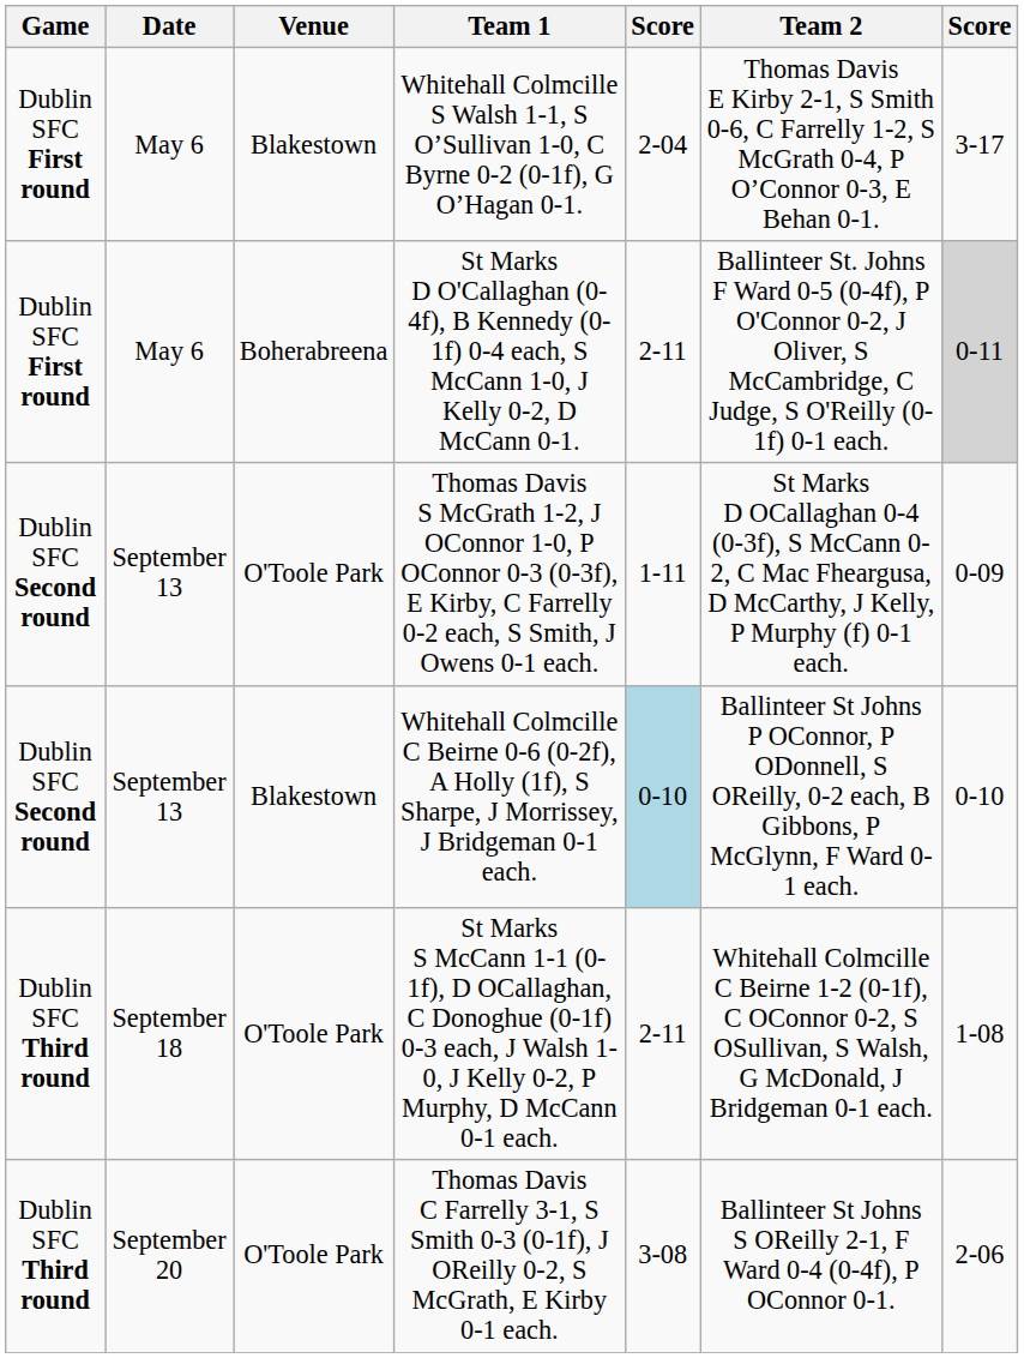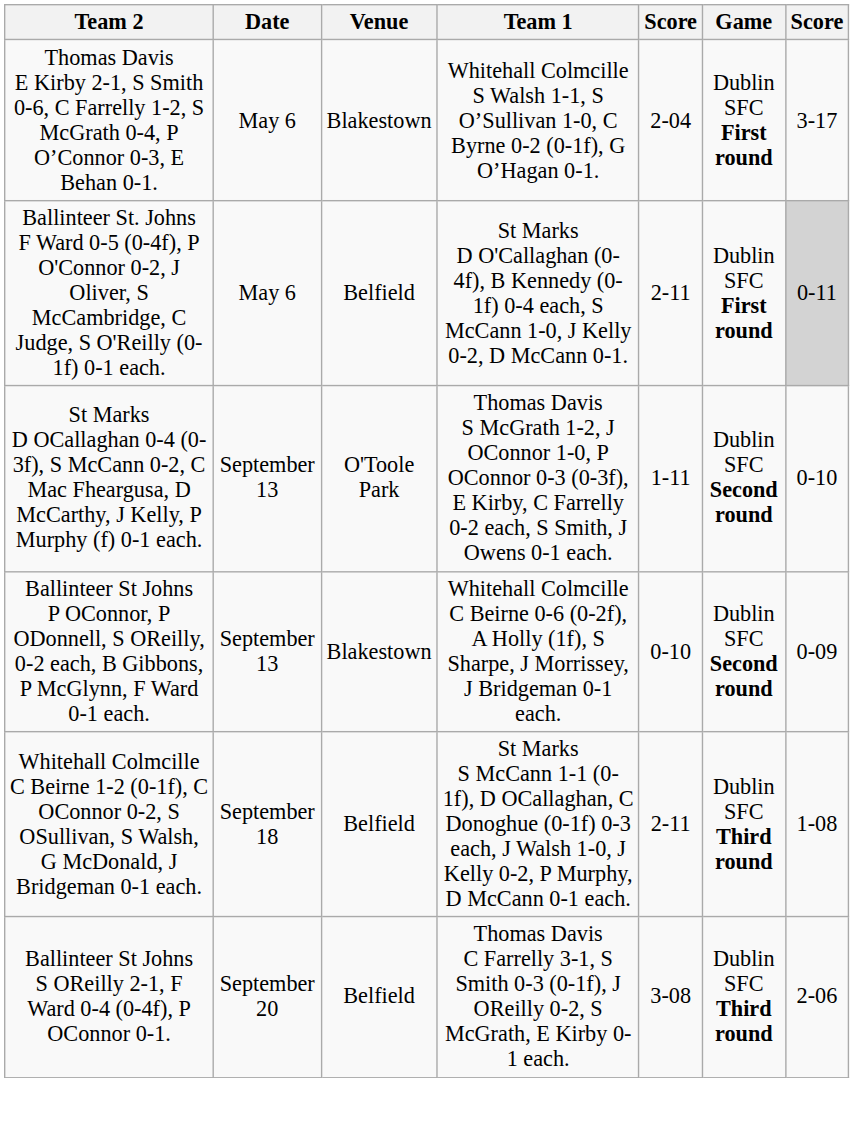 <table class="wikitable">
 <tr>
-<th>Game</th>
+<th>Team 2</th>
 <th>Date</th>
 <th>Venue</th>
 <th>Team 1</th>
 <th>Score</th>
-<th>Team 2</th>
+<th>Game</th>
 <th>Score</th>
 </tr>
 <tr style="text-align:center;">
-<td>Dublin SFC<br><strong>First round</strong></td>
+<td>Thomas Davis<br>E Kirby 2-1, S Smith 0-6, C Farrelly 1-2, S McGrath 0-4, P O’Connor 0-3, E Behan 0-1.</td>
 <td>May 6</td>
 <td>Blakestown</td>
 <td>Whitehall Colmcille<br>S Walsh 1-1, S O’Sullivan 1-0, C Byrne 0-2 (0-1f), G O’Hagan 0-1.</td>
 <td>2-04</td>
-<td>Thomas Davis<br>E Kirby 2-1, S Smith 0-6, C Farrelly 1-2, S McGrath 0-4, P O’Connor 0-3, E Behan 0-1.</td>
+<td>Dublin SFC<br><strong>First round</strong></td>
 <td>3-17</td>
 </tr>
 <tr style="text-align:center;">
-<td>Dublin SFC<br><strong>First round</strong></td>
+<td>Ballinteer St. Johns<br>F Ward 0-5 (0-4f), P O'Connor 0-2, J Oliver, S McCambridge, C Judge, S O'Reilly (0-1f) 0-1 each.</td>
 <td>May 6</td>
-<td>Boherabreena</td>
+<td>Belfield</td>
 <td>St Marks<br>D O'Callaghan (0-4f), B Kennedy (0-1f) 0-4 each, S McCann 1-0, J Kelly 0-2, D McCann 0-1.</td>
 <td>2-11</td>
-<td>Ballinteer St. Johns<br>F Ward 0-5 (0-4f), P O'Connor 0-2, J Oliver, S McCambridge, C Judge, S O'Reilly (0-1f) 0-1 each.</td>
+<td>Dublin SFC<br><strong>First round</strong></td>
 <td style="background: lightgrey;">0-11</td>
 </tr>
 <tr style="text-align:center;">
-<td>Dublin SFC<br><strong>Second round</strong></td>
+<td>St Marks<br>D OCallaghan 0-4 (0-3f), S McCann 0-2, C Mac Fheargusa, D McCarthy, J Kelly, P Murphy (f) 0-1 each.</td>
 <td>September 13</td>
 <td>O'Toole Park</td>
 <td>Thomas Davis<br>S McGrath 1-2, J OConnor 1-0, P OConnor 0-3 (0-3f), E Kirby, C Farrelly 0-2 each, S Smith, J Owens 0-1 each.</td>
 <td>1-11</td>
-<td>St Marks<br>D OCallaghan 0-4 (0-3f), S McCann 0-2, C Mac Fheargusa, D McCarthy, J Kelly, P Murphy (f) 0-1 each.</td>
+<td>Dublin SFC<br><strong>Second round</strong></td>
+<td>0-10</td>
+</tr>
+<tr style="text-align:center;">
+<td>Ballinteer St Johns<br>P OConnor, P ODonnell, S OReilly, 0-2 each, B Gibbons, P McGlynn, F Ward 0-1 each.</td>
+<td>September 13</td>
+<td>Blakestown</td>
+<td>Whitehall Colmcille<br>C Beirne 0-6 (0-2f), A Holly (1f), S Sharpe, J Morrissey, J Bridgeman 0-1 each.</td>
+<td>0-10</td>
+<td>Dublin SFC<br><strong>Second round</strong></td>
 <td>0-09</td>
 </tr>
 <tr style="text-align:center;">
-<td>Dublin SFC<br><strong>Second round</strong></td>
-<td>September 13</td>
-<td>Blakestown</td>
-<td>Whitehall Colmcille<br>C Beirne 0-6 (0-2f), A Holly (1f), S Sharpe, J Morrissey, J Bridgeman 0-1 each.</td>
-<td style="background: lightblue;">0-10</td>
-<td>Ballinteer St Johns<br>P OConnor, P ODonnell, S OReilly, 0-2 each, B Gibbons, P McGlynn, F Ward 0-1 each.</td>
-<td>0-10</td>
-</tr>
-<tr style="text-align:center;">
-<td>Dublin SFC<br><strong>Third round</strong></td>
+<td>Whitehall Colmcille<br>C Beirne 1-2 (0-1f), C OConnor 0-2, S OSullivan, S Walsh, G McDonald, J Bridgeman 0-1 each.</td>
 <td>September 18</td>
-<td>O'Toole Park</td>
+<td>Belfield</td>
 <td>St Marks<br>S McCann 1-1 (0-1f), D OCallaghan, C Donoghue (0-1f) 0-3 each, J Walsh 1-0, J Kelly 0-2, P Murphy, D McCann 0-1 each.</td>
 <td>2-11</td>
-<td>Whitehall Colmcille<br>C Beirne 1-2 (0-1f), C OConnor 0-2, S OSullivan, S Walsh, G McDonald, J Bridgeman 0-1 each.</td>
+<td>Dublin SFC<br><strong>Third round</strong></td>
 <td>1-08</td>
 </tr>
 <tr style="text-align:center;">
-<td>Dublin SFC<br><strong>Third round</strong></td>
+<td>Ballinteer St Johns<br>S OReilly 2-1, F Ward 0-4 (0-4f), P OConnor 0-1.</td>
 <td>September 20</td>
-<td>O'Toole Park</td>
+<td>Belfield</td>
 <td>Thomas Davis<br>C Farrelly 3-1, S Smith 0-3 (0-1f), J OReilly 0-2, S McGrath, E Kirby 0-1 each.</td>
 <td>3-08</td>
-<td>Ballinteer St Johns<br>S OReilly 2-1, F Ward 0-4 (0-4f), P OConnor 0-1.</td>
+<td>Dublin SFC<br><strong>Third round</strong></td>
 <td>2-06</td>
 </tr>
 </table>
